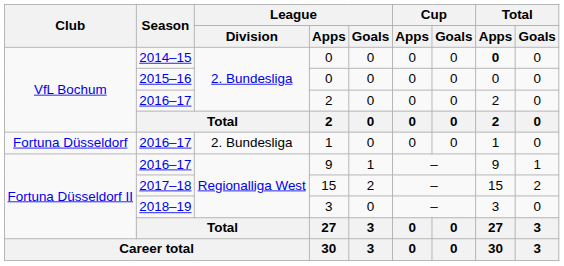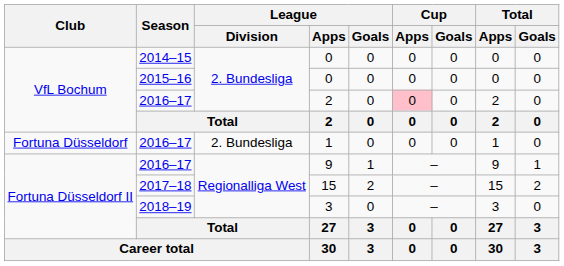 <table class="wikitable" style="text-align:center">
 <tr>
 <th rowspan="2">Club</th>
 <th rowspan="2">Season</th>
 <th colspan="3">League</th>
 <th colspan="2">Cup</th>
 <th colspan="2">Total</th>
 </tr>
 <tr>
 <th>Division</th>
 <th>Apps</th>
 <th>Goals</th>
 <th>Apps</th>
 <th>Goals</th>
 <th>Apps</th>
 <th>Goals</th>
 </tr>
 <tr>
 <td rowspan="4"><a href='#'>VfL Bochum</a></td>
 <td><a href='#'>2014–15</a></td>
 <td rowspan="3"><a href='#'>2. Bundesliga</a></td>
 <td>0</td>
 <td>0</td>
 <td>0</td>
 <td>0</td>
-<td><strong>0</strong></td>
+<td>0</td>
 <td>0</td>
 </tr>
 <tr>
 <td><a href='#'>2015–16</a></td>
 <td>0</td>
 <td>0</td>
 <td>0</td>
 <td>0</td>
 <td>0</td>
 <td>0</td>
 </tr>
 <tr>
 <td><a href='#'>2016–17</a></td>
 <td>2</td>
 <td>0</td>
-<td>0</td>
+<td style="background: pink;">0</td>
 <td>0</td>
 <td>2</td>
 <td>0</td>
 </tr>
 <tr>
 <th colspan="2">Total</th>
 <th>2</th>
 <th>0</th>
 <th>0</th>
 <th>0</th>
 <th>2</th>
 <th>0</th>
 </tr>
 <tr>
 <td><a href='#'>Fortuna Düsseldorf</a></td>
 <td><a href='#'>2016–17</a></td>
 <td>2. Bundesliga</td>
 <td>1</td>
 <td>0</td>
 <td>0</td>
 <td>0</td>
 <td>1</td>
 <td>0</td>
 </tr>
 <tr>
 <td rowspan="4"><a href='#'>Fortuna Düsseldorf II</a></td>
 <td><a href='#'>2016–17</a></td>
 <td rowspan="3"><a href='#'>Regionalliga West</a></td>
 <td>9</td>
 <td>1</td>
 <td colspan="2">–</td>
 <td>9</td>
 <td>1</td>
 </tr>
 <tr>
 <td><a href='#'>2017–18</a></td>
 <td>15</td>
 <td>2</td>
 <td colspan="2">–</td>
 <td>15</td>
 <td>2</td>
 </tr>
 <tr>
 <td><a href='#'>2018–19</a></td>
 <td>3</td>
 <td>0</td>
 <td colspan="2">–</td>
 <td>3</td>
 <td>0</td>
 </tr>
 <tr>
 <th colspan="2">Total</th>
 <th>27</th>
 <th>3</th>
 <th>0</th>
 <th>0</th>
 <th>27</th>
 <th>3</th>
 </tr>
 <tr>
 <th colspan="3">Career total</th>
 <th>30</th>
 <th>3</th>
 <th>0</th>
 <th>0</th>
 <th>30</th>
 <th>3</th>
 </tr>
 </table>
